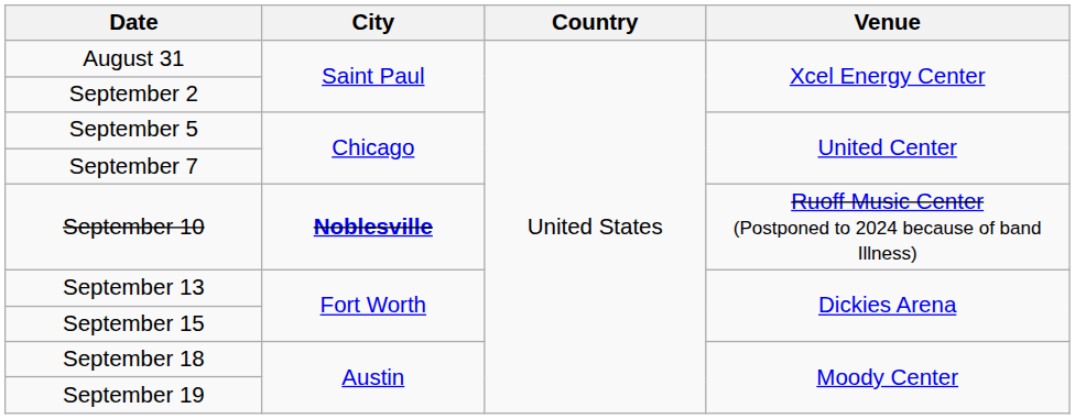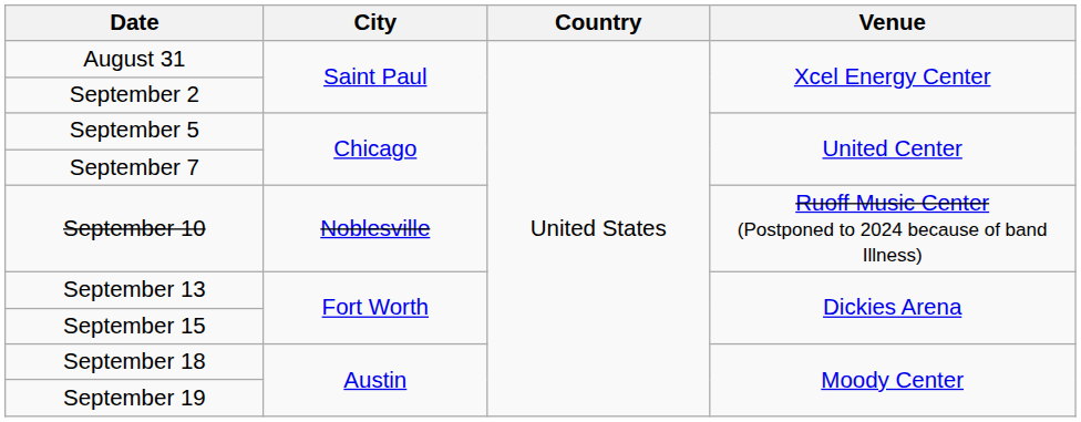 <table class="wikitable" style="text-align:center;">
 <tr>
 <th width="175">Date</th>
 <th width="150">City</th>
 <th width="150">Country</th>
 <th width="250">Venue</th>
 </tr>
 <tr>
 <td>August 31</td>
 <td rowspan="2"><a href='#'>Saint Paul</a></td>
 <td rowspan="9">United States</td>
 <td rowspan="2"><a href='#'>Xcel Energy Center</a></td>
 </tr>
 <tr>
 <td>September 2</td>
 </tr>
 <tr>
 <td>September 5</td>
 <td rowspan="2"><a href='#'>Chicago</a></td>
 <td rowspan="2"><a href='#'>United Center</a></td>
 </tr>
 <tr>
 <td>September 7</td>
 </tr>
 <tr>
 <td><s>September 10</s></td>
-<td><strong><s><a href='#'>Noblesville</a></s></strong></td>
+<td><s><a href='#'>Noblesville</a></s></td>
 <td><s><a href='#'>Ruoff Music Center</a></s> <br> <small> (Postponed to 2024 because of band Illness)</small></td>
 </tr>
 <tr>
 <td>September 13</td>
 <td rowspan="2"><a href='#'>Fort Worth</a></td>
 <td rowspan="2"><a href='#'>Dickies Arena</a></td>
 </tr>
 <tr>
 <td>September 15</td>
 </tr>
 <tr>
 <td>September 18</td>
 <td rowspan="2"><a href='#'>Austin</a></td>
 <td rowspan="2"><a href='#'>Moody Center</a></td>
 </tr>
 <tr>
 <td>September 19</td>
 </tr>
 </table>
